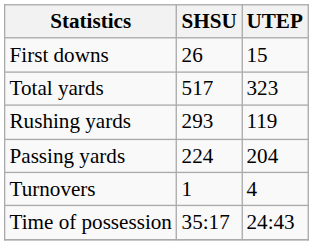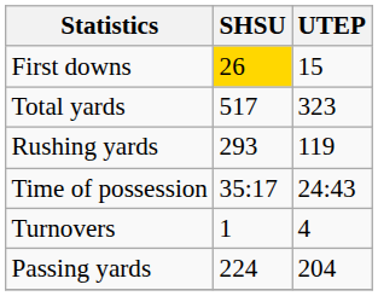 <table class="wikitable" style="float: left;">
 <tr>
 <th>Statistics</th>
 <th>SHSU</th>
 <th>UTEP</th>
 </tr>
 <tr>
 <td>First downs</td>
-<td>26</td>
+<td style="background: gold;">26</td>
 <td>15</td>
 </tr>
 <tr>
 <td>Total yards</td>
 <td>517</td>
 <td>323</td>
 </tr>
 <tr>
 <td>Rushing yards</td>
 <td>293</td>
 <td>119</td>
 </tr>
 <tr>
-<td>Passing yards</td>
-<td>224</td>
-<td>204</td>
+<td>Time of possession</td>
+<td>35:17</td>
+<td>24:43</td>
 </tr>
 <tr>
 <td>Turnovers</td>
 <td>1</td>
 <td>4</td>
 </tr>
 <tr>
-<td>Time of possession</td>
-<td>35:17</td>
-<td>24:43</td>
+<td>Passing yards</td>
+<td>224</td>
+<td>204</td>
 </tr>
 <tr>
 </tr>
 </table>
